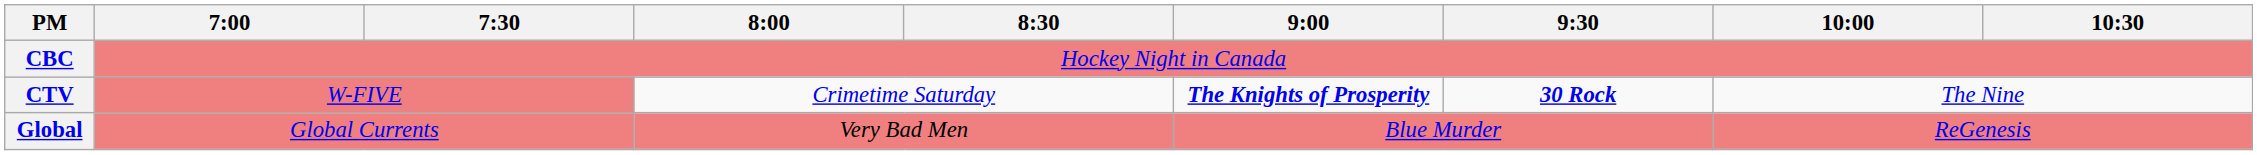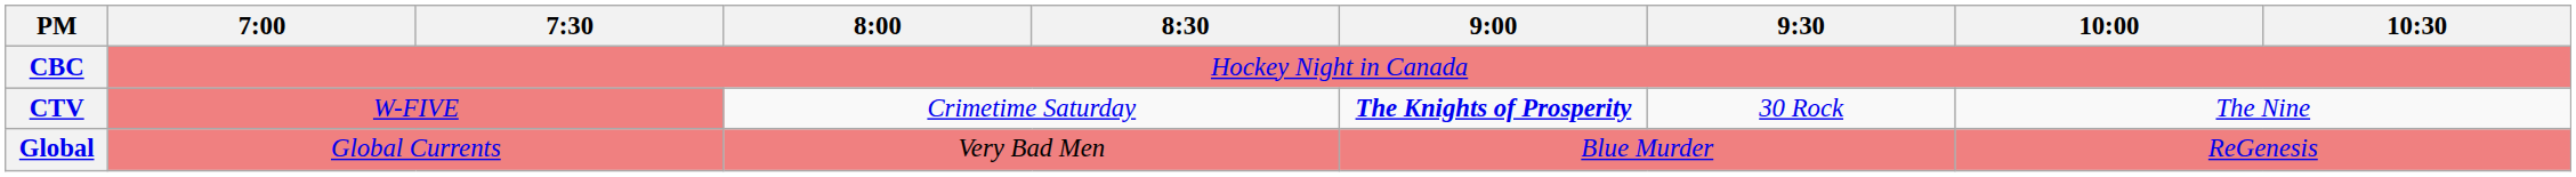 <table class="wikitable" width="100%">
 <tr>
 <th width="4%">PM</th>
 <th width="12%">7:00</th>
 <th width="12%">7:30</th>
 <th width="12%">8:00</th>
 <th width="12%">8:30</th>
 <th width="12%">9:00</th>
 <th width="12%">9:30</th>
 <th width="12%">10:00</th>
 <th width="12%">10:30</th>
 </tr>
 <tr align="center">
 <th><a href='#'>CBC</a></th>
 <td colspan="8" align=center bgcolor="#F08080"><em><a href='#'>Hockey Night in Canada</a></em></td>
 </tr>
 <tr align="center">
 <th><a href='#'>CTV</a></th>
 <td colspan="2" align=center bgcolor="#F08080"><em><a href='#'>W-FIVE</a></em></td>
 <td colspan="2" align=center><em><a href='#'>Crimetime Saturday</a></em></td>
 <td colspan="1" align=center><strong><em><a href='#'>The Knights of Prosperity</a></em></strong></td>
-<td colspan="1" align=center><strong><em><a href='#'>30 Rock</a></em></strong></td>
+<td colspan="1" align=center><em><a href='#'>30 Rock</a></em></td>
 <td colspan="2" align=center><em><a href='#'>The Nine</a></em></td>
 </tr>
 <tr align="center">
 <th><a href='#'>Global</a></th>
 <td colspan="2" align=center bgcolor="#F08080"><em><a href='#'>Global Currents</a></em></td>
 <td colspan="2" align=center bgcolor="#F08080"><em>Very Bad Men</em></td>
 <td colspan="2" align=center bgcolor="#F08080"><em><a href='#'>Blue Murder</a></em></td>
 <td colspan="2" align=center bgcolor="#F08080"><em><a href='#'>ReGenesis</a></em></td>
 </tr>
 </table>
